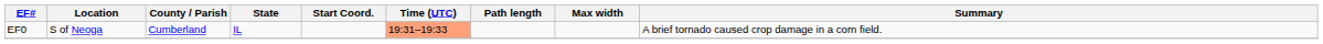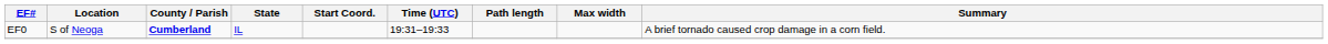 <table class="wikitable sortable" style="width:100%;">
 <tr>
 <th scope="col"  style="width:3%; text-align:center;"><a href='#'>EF#</a></th>
 <th scope="col"  style="width:7%; text-align:center;" class="unsortable">Location</th>
 <th scope="col"  style="width:6%; text-align:center;" class="unsortable">County / Parish</th>
 <th scope="col"  style="width:5%; text-align:center;">State</th>
 <th scope="col"  style="width:6%; text-align:center;">Start Coord.</th>
 <th scope="col"  style="width:6%; text-align:center;">Time (<a href='#'>UTC</a>)</th>
 <th scope="col"  style="width:6%; text-align:center;">Path length</th>
 <th scope="col"  style="width:6%; text-align:center;">Max width</th>
 <th scope="col" class="unsortable" style="width:48%; text-align:center;">Summary</th>
 </tr>
 <tr>
 <td bgcolor=>EF0</td>
 <td>S of <a href='#'>Neoga</a></td>
-<td><a href='#'>Cumberland</a></td>
+<td><strong><a href='#'>Cumberland</a></strong></td>
 <td><a href='#'>IL</a></td>
 <td></td>
-<td style="background: lightsalmon;">19:31–19:33</td>
+<td>19:31–19:33</td>
 <td></td>
 <td></td>
 <td>A brief tornado caused crop damage in a corn field.</td>
 </tr>
 <tr>
 </tr>
 </table>
